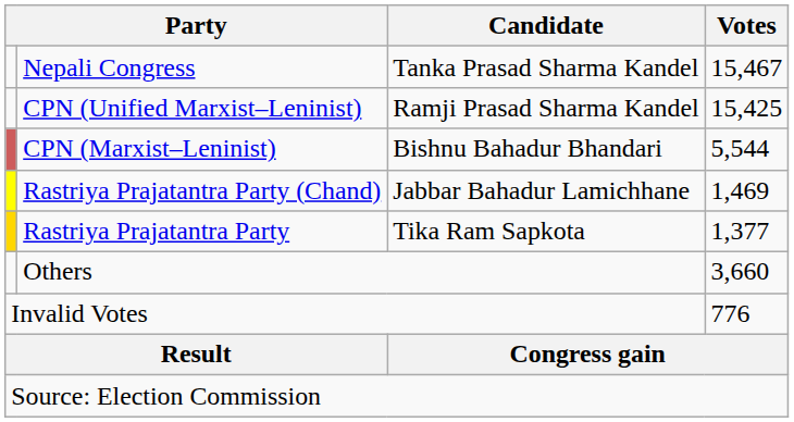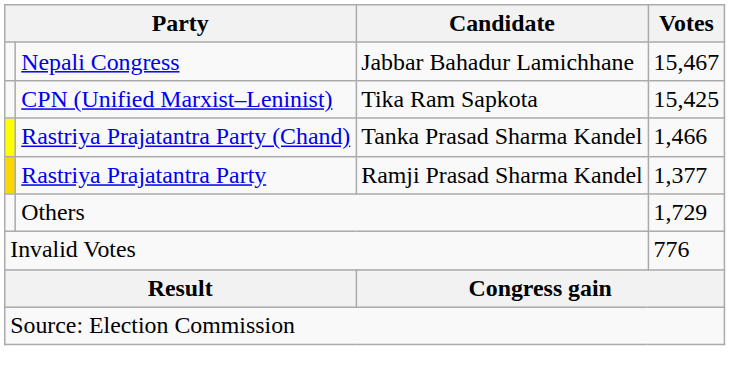 <table class="wikitable">
 <tr>
 <th colspan="2">Party</th>
 <th>Candidate</th>
 <th>Votes</th>
 </tr>
 <tr>
 <td style="background-color:"></td>
 <td><a href='#'>Nepali Congress</a></td>
-<td>Tanka Prasad Sharma Kandel</td>
+<td>Jabbar Bahadur Lamichhane</td>
 <td>15,467</td>
 </tr>
 <tr>
 <td style="background-color:"></td>
 <td><a href='#'>CPN (Unified Marxist–Leninist)</a></td>
-<td>Ramji Prasad Sharma Kandel</td>
+<td>Tika Ram Sapkota</td>
 <td>15,425</td>
-</tr>
-<tr>
-<td style="background-color:indianred"></td>
-<td><a href='#'>CPN (Marxist–Leninist)</a></td>
-<td>Bishnu Bahadur Bhandari</td>
-<td>5,544</td>
 </tr>
 <tr>
 <td style="background-color:yellow"></td>
 <td><a href='#'>Rastriya Prajatantra Party (Chand)</a></td>
-<td>Jabbar Bahadur Lamichhane</td>
-<td>1,469</td>
+<td>Tanka Prasad Sharma Kandel</td>
+<td>1,466</td>
 </tr>
 <tr>
 <td style="background-color:gold"></td>
 <td><a href='#'>Rastriya Prajatantra Party</a></td>
-<td>Tika Ram Sapkota</td>
+<td>Ramji Prasad Sharma Kandel</td>
 <td>1,377</td>
 </tr>
 <tr>
 <td></td>
 <td colspan="2">Others</td>
-<td>3,660</td>
+<td>1,729</td>
 </tr>
 <tr>
 <td colspan="3">Invalid Votes</td>
 <td>776</td>
 </tr>
 <tr>
 <th colspan="2">Result</th>
 <th colspan="2">Congress gain</th>
 </tr>
 <tr>
 <td colspan="4">Source: Election Commission</td>
 </tr>
 </table>
